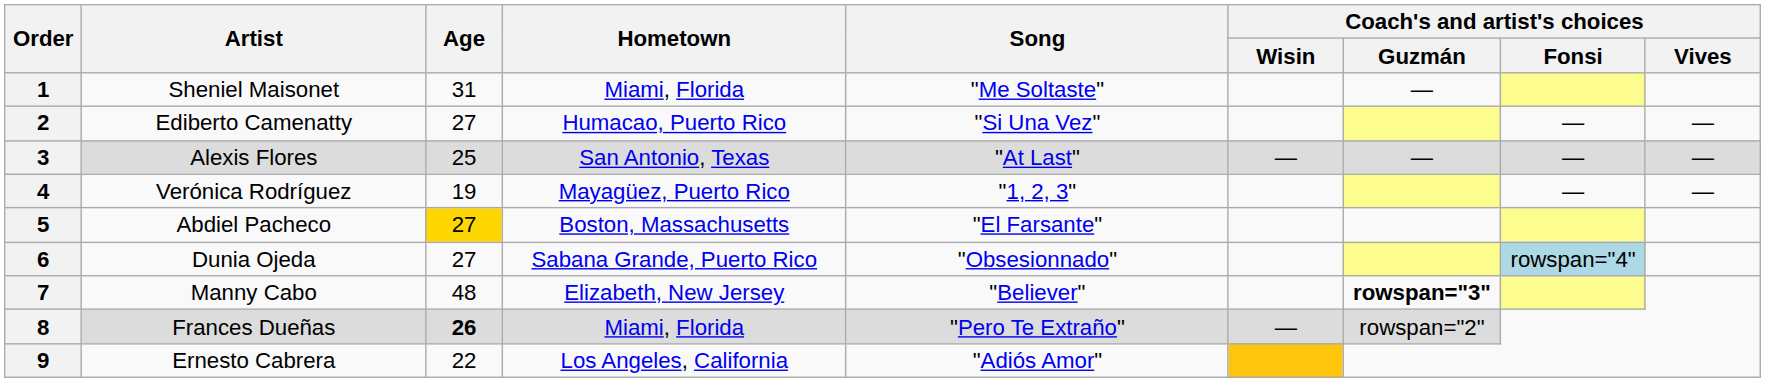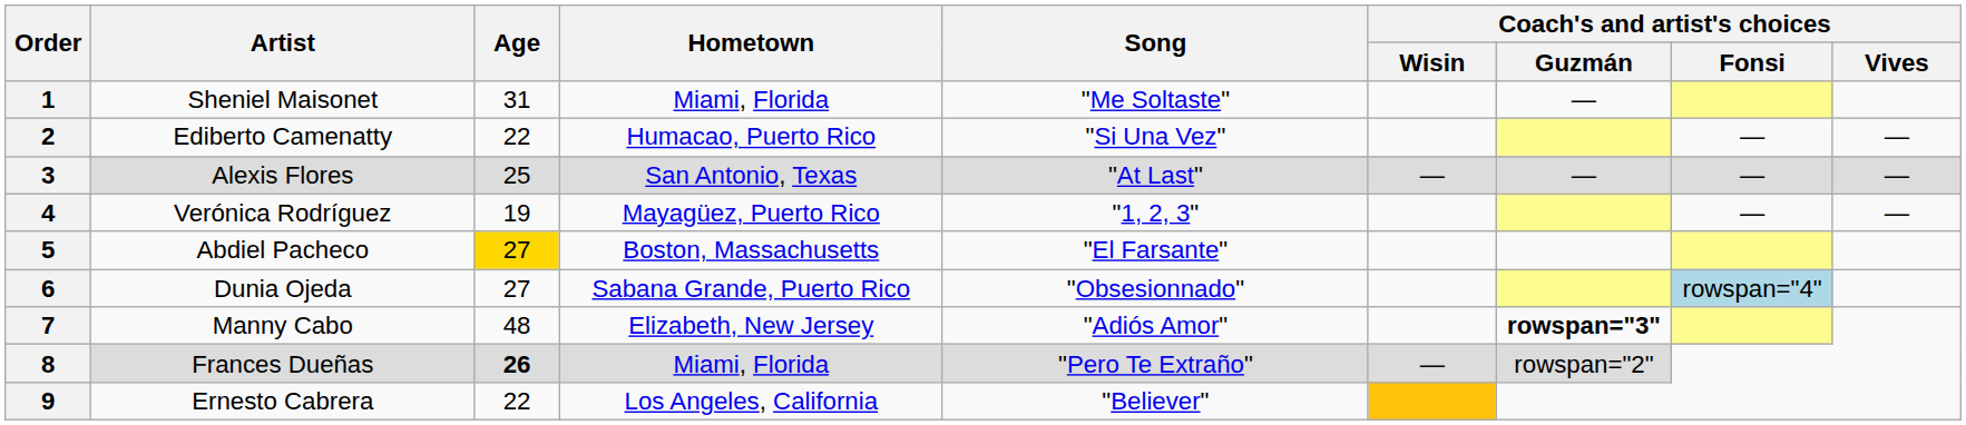 <table class="wikitable" style="text-align:center; line-height:17px; width:100%;">
 <tr>
 <th scope="col" rowspan="2" style="width:04%;">Order</th>
 <th scope="col" rowspan="2" style="width:18%;">Artist</th>
 <th scope="col" rowspan="2" style="width:04%;">Age</th>
 <th scope="col" rowspan="2" style="width:18%;">Hometown</th>
 <th scope="col" rowspan="2" style="width:20%;">Song</th>
 <th scope="col" colspan="4" style="width:24%;">Coach's and artist's choices</th>
 </tr>
 <tr>
 <th style="width:06%;">Wisin</th>
 <th style="width:06%;">Guzmán</th>
 <th style="width:06%;">Fonsi</th>
 <th style="width:06%;">Vives</th>
 </tr>
 <tr>
 <th>1</th>
 <td>Sheniel Maisonet</td>
 <td>31</td>
 <td><a href='#'>Miami</a>, <a href='#'>Florida</a></td>
 <td>"<a href='#'>Me Soltaste</a>"</td>
 <td><strong></strong></td>
 <td>—</td>
 <td style="background:#fdfc8f;"><strong></strong></td>
 <td><strong></strong></td>
 </tr>
 <tr>
 <th>2</th>
 <td>Ediberto Camenatty</td>
-<td>27</td>
+<td>22</td>
 <td><a href='#'>Humacao, Puerto Rico</a></td>
 <td>"<a href='#'>Si Una Vez</a>"</td>
 <td><strong></strong></td>
 <td style="background:#fdfc8f;"><strong></strong></td>
 <td>—</td>
 <td>—</td>
 </tr>
 <tr style="background:#dcdcdc;"|>
 <th>3</th>
 <td>Alexis Flores</td>
 <td>25</td>
 <td><a href='#'>San Antonio</a>, <a href='#'>Texas</a></td>
 <td>"<a href='#'>At Last</a>"</td>
 <td>—</td>
 <td>—</td>
 <td>—</td>
 <td>—</td>
 </tr>
 <tr>
 <th>4</th>
 <td>Verónica Rodríguez</td>
 <td>19</td>
 <td><a href='#'>Mayagüez, Puerto Rico</a></td>
 <td>"<a href='#'>1, 2, 3</a>"</td>
 <td><strong></strong></td>
 <td style="background:#fdfc8f;"><strong></strong></td>
 <td>—</td>
 <td>—</td>
 </tr>
 <tr>
 <th>5</th>
 <td>Abdiel Pacheco</td>
 <td style="background: gold;">27</td>
 <td><a href='#'>Boston, Massachusetts</a></td>
 <td>"<a href='#'>El Farsante</a>"</td>
 <td><strong></strong></td>
 <td><strong></strong></td>
 <td style="background:#fdfc8f;"><strong></strong></td>
 <td><strong></strong></td>
 </tr>
 <tr>
 <th>6</th>
 <td>Dunia Ojeda</td>
 <td>27</td>
 <td><a href='#'>Sabana Grande, Puerto Rico</a></td>
 <td>"<a href='#'>Obsesionnado</a>"</td>
 <td><strong></strong></td>
 <td style="background:#fdfc8f;"><strong></strong></td>
 <td style="background: lightblue;">rowspan="4" </td>
 <td><strong></strong></td>
 </tr>
 <tr>
 <th>7</th>
 <td>Manny Cabo</td>
 <td>48</td>
 <td><a href='#'>Elizabeth, New Jersey</a></td>
-<td>"<a href='#'>Believer</a>"</td>
+<td>"<a href='#'>Adiós Amor</a>"</td>
 <td><strong></strong></td>
 <td><strong>rowspan="3" </strong></td>
 <td style="background:#fdfc8f;"><strong></strong></td>
 </tr>
 <tr style="background:#dcdcdc;"|>
 <th>8</th>
 <td>Frances Dueñas</td>
 <td><strong>26</strong></td>
 <td><a href='#'>Miami</a>, <a href='#'>Florida</a></td>
 <td>"<a href='#'>Pero Te Extraño</a>"</td>
 <td>—</td>
 <td>rowspan="2" </td>
 </tr>
 <tr>
 <th>9</th>
 <td>Ernesto Cabrera</td>
 <td>22</td>
 <td><a href='#'>Los Angeles</a>, <a href='#'>California</a></td>
-<td>"<a href='#'>Adiós Amor</a>"</td>
+<td>"<a href='#'>Believer</a>"</td>
 <td style="background:#ffc40c;"><strong></strong></td>
 </tr>
 </table>
